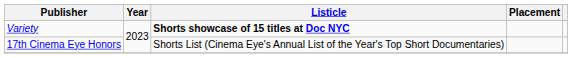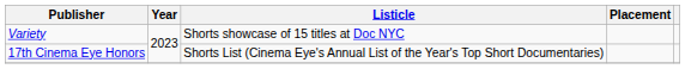 <table class="wikitable plainrowheaders">
 <tr>
 <th scope="col">Publisher</th>
 <th scope="col">Year</th>
 <th scope="col"><a href='#'>Listicle</a></th>
 <th scope="col">Placement</th>
 <th scope="col"></th>
 </tr>
 <tr>
 <td><em><a href='#'>Variety</a></em></td>
 <td rowspan="2">2023</td>
-<td><strong>Shorts showcase of 15 titles at <a href='#'>Doc NYC</a></strong></td>
+<td>Shorts showcase of 15 titles at <a href='#'>Doc NYC</a></td>
 <td></td>
 <td style="text-align:center;"></td>
 </tr>
 <tr>
 <td><a href='#'>17th Cinema Eye Honors</a></td>
 <td>Shorts List (Cinema Eye's Annual List of the Year's Top Short Documentaries)</td>
 <td></td>
 <td style="text-align:center;"></td>
 </tr>
 <tr>
 </tr>
 </table>
